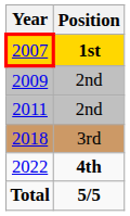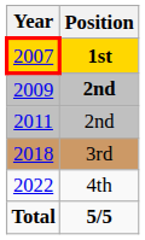 <table class="wikitable" style="text-align: center;">
 <tr>
 <th>Year</th>
 <th>Position</th>
 </tr>
 <tr bgcolor=gold>
 <td style="border: 3px solid red"><a href='#'>2007</a></td>
 <td><strong>1st</strong></td>
 </tr>
 <tr bgcolor=silver>
 <td><a href='#'>2009</a></td>
-<td>2nd</td>
+<td><strong>2nd</strong></td>
 </tr>
 <tr bgcolor=silver>
 <td><a href='#'>2011</a></td>
 <td>2nd</td>
 </tr>
 <tr bgcolor=#cc9966>
 <td><a href='#'>2018</a></td>
 <td>3rd</td>
 </tr>
 <tr>
 <td><a href='#'>2022</a></td>
-<td><strong>4th</strong></td>
+<td>4th</td>
 </tr>
 <tr>
 <td><strong>Total</strong></td>
 <td><strong>5/5</strong></td>
 </tr>
 </table>
